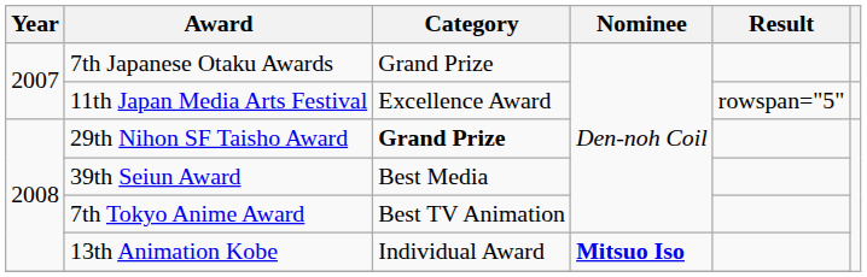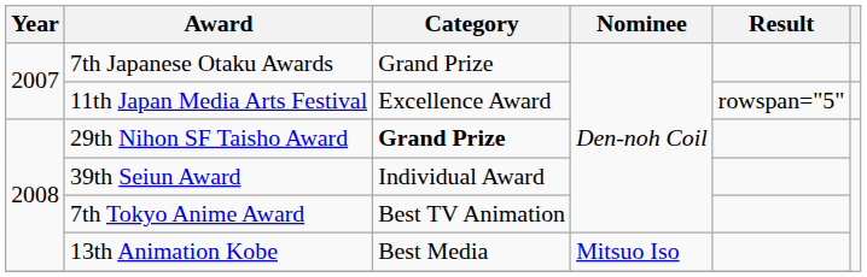 <table class="wikitable sortable">
 <tr>
 <th>Year</th>
 <th>Award</th>
 <th>Category</th>
 <th>Nominee</th>
 <th>Result</th>
 <th></th>
 </tr>
 <tr>
 <td rowspan="2">2007</td>
 <td>7th Japanese Otaku Awards</td>
 <td>Grand Prize</td>
 <td rowspan="5"><em>Den-noh Coil</em></td>
 <td></td>
 <td style="text-align:center;"></td>
 </tr>
 <tr>
 <td>11th <a href='#'>Japan Media Arts Festival</a></td>
 <td>Excellence Award</td>
 <td>rowspan="5" </td>
 <td style="text-align:center;"></td>
 </tr>
 <tr>
 <td rowspan="4">2008</td>
 <td>29th <a href='#'>Nihon SF Taisho Award</a></td>
 <td><strong>Grand Prize</strong></td>
 <td style="text-align:center;"></td>
 </tr>
 <tr>
 <td>39th <a href='#'>Seiun Award</a></td>
-<td>Best Media</td>
+<td>Individual Award</td>
 <td style="text-align:center;"></td>
 </tr>
 <tr>
 <td>7th <a href='#'>Tokyo Anime Award</a></td>
 <td>Best TV Animation</td>
 <td style="text-align:center;"></td>
 </tr>
 <tr>
 <td>13th <a href='#'>Animation Kobe</a></td>
-<td>Individual Award</td>
-<td><strong><a href='#'>Mitsuo Iso</a></strong></td>
+<td>Best Media</td>
+<td><a href='#'>Mitsuo Iso</a></td>
 <td style="text-align:center;"></td>
 </tr>
 <tr>
 </tr>
 </table>
